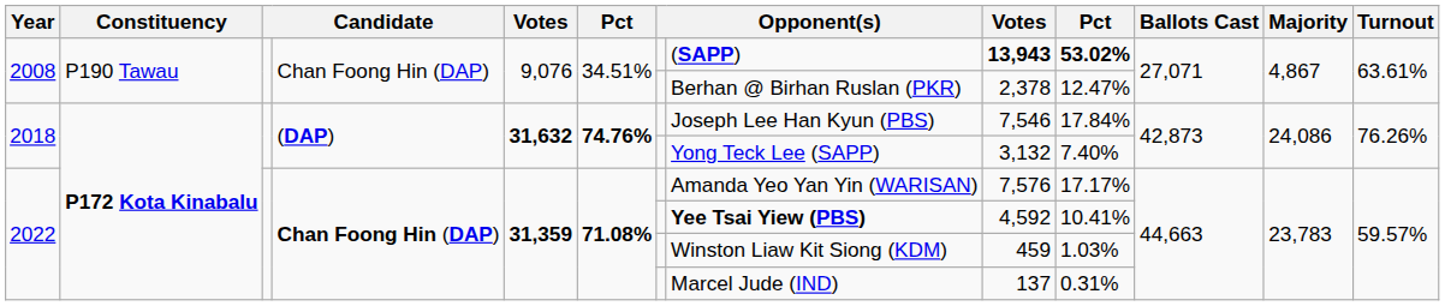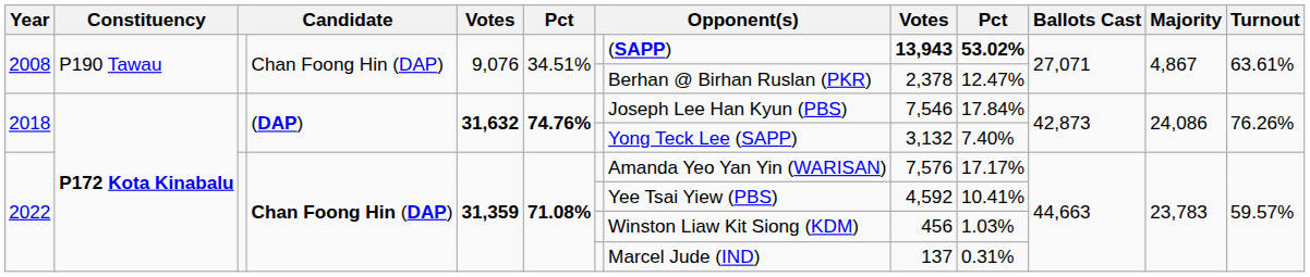 <table class="wikitable" style="margin:0.5em ; font-size:95%">
 <tr>
 <th>Year</th>
 <th>Constituency</th>
 <th colspan=2>Candidate</th>
 <th>Votes</th>
 <th>Pct</th>
 <th colspan=2>Opponent(s)</th>
 <th>Votes</th>
 <th>Pct</th>
 <th>Ballots Cast</th>
 <th>Majority</th>
 <th>Turnout</th>
 </tr>
 <tr>
 <td rowspan="2"><a href='#'>2008</a></td>
 <td rowspan="2">P190 <a href='#'>Tawau</a></td>
 <td rowspan="2" ></td>
 <td rowspan="2">Chan Foong Hin (<a href='#'>DAP</a>)</td>
 <td rowspan="2" align="right">9,076</td>
 <td rowspan="2">34.51%</td>
 <td></td>
 <td> (<a href='#'><strong>SAPP</strong></a>)</td>
 <td align="right"><strong>13,943</strong></td>
 <td><strong>53.02%</strong></td>
 <td rowspan="2">27,071</td>
 <td rowspan="2">4,867</td>
 <td rowspan="2">63.61%</td>
 </tr>
 <tr>
 <td></td>
 <td>Berhan @ Birhan Ruslan (<a href='#'>PKR</a>)</td>
 <td align="right">2,378</td>
 <td>12.47%</td>
 </tr>
 <tr>
 <td rowspan="2"><a href='#'>2018</a></td>
 <td rowspan="6"><strong>P172 <a href='#'>Kota Kinabalu</a></strong></td>
 <td rowspan="2" ></td>
 <td rowspan="2"><strong></strong> (<a href='#'><strong>DAP</strong></a>)</td>
 <td rowspan="2" align="right"><strong>31,632</strong></td>
 <td rowspan="2"><strong>74.76%</strong></td>
 <td></td>
 <td>Joseph Lee Han Kyun (<a href='#'>PBS</a>)</td>
 <td align="right">7,546</td>
 <td>17.84%</td>
 <td rowspan="2">42,873</td>
 <td rowspan="2">24,086</td>
 <td rowspan="2">76.26%</td>
 </tr>
 <tr>
 <td></td>
 <td><a href='#'>Yong Teck Lee</a> (<a href='#'>SAPP</a>)</td>
 <td align="right">3,132</td>
 <td>7.40%</td>
 </tr>
 <tr>
 <td rowspan="4"><a href='#'>2022</a></td>
 <td rowspan="4" ></td>
 <td rowspan="4"><strong>Chan Foong Hin</strong> (<a href='#'><strong>DAP</strong></a>)</td>
 <td rowspan="4" align="right"><strong>31,359</strong></td>
 <td rowspan="4"><strong>71.08%</strong></td>
 <td></td>
 <td>Amanda Yeo Yan Yin (<a href='#'>WARISAN</a>)</td>
 <td align="right">7,576</td>
 <td>17.17%</td>
 <td rowspan="4">44,663</td>
 <td rowspan="4">23,783</td>
 <td rowspan="4">59.57%</td>
 </tr>
 <tr>
 <td></td>
-<td><strong>Yee Tsai Yiew (<a href='#'>PBS</a>)</strong></td>
+<td>Yee Tsai Yiew (<a href='#'>PBS</a>)</td>
 <td align="right">4,592</td>
 <td>10.41%</td>
 </tr>
 <tr>
 <td></td>
 <td>Winston Liaw Kit Siong (<a href='#'>KDM</a>)</td>
-<td align="right">459</td>
+<td align="right">456</td>
 <td>1.03%</td>
 </tr>
 <tr>
 <td></td>
 <td>Marcel Jude (<a href='#'>IND</a>)</td>
 <td align="right">137</td>
 <td>0.31%</td>
 </tr>
 </table>
